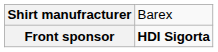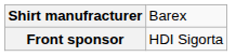 <table class="wikitable">
 <tr>
 <th>Shirt manufracturer</th>
 <td>Barex</td>
 </tr>
 <tr>
 <th>Front sponsor</th>
-<td><strong>HDI Sigorta</strong></td>
+<td>HDI Sigorta</td>
 </tr>
 </table>
